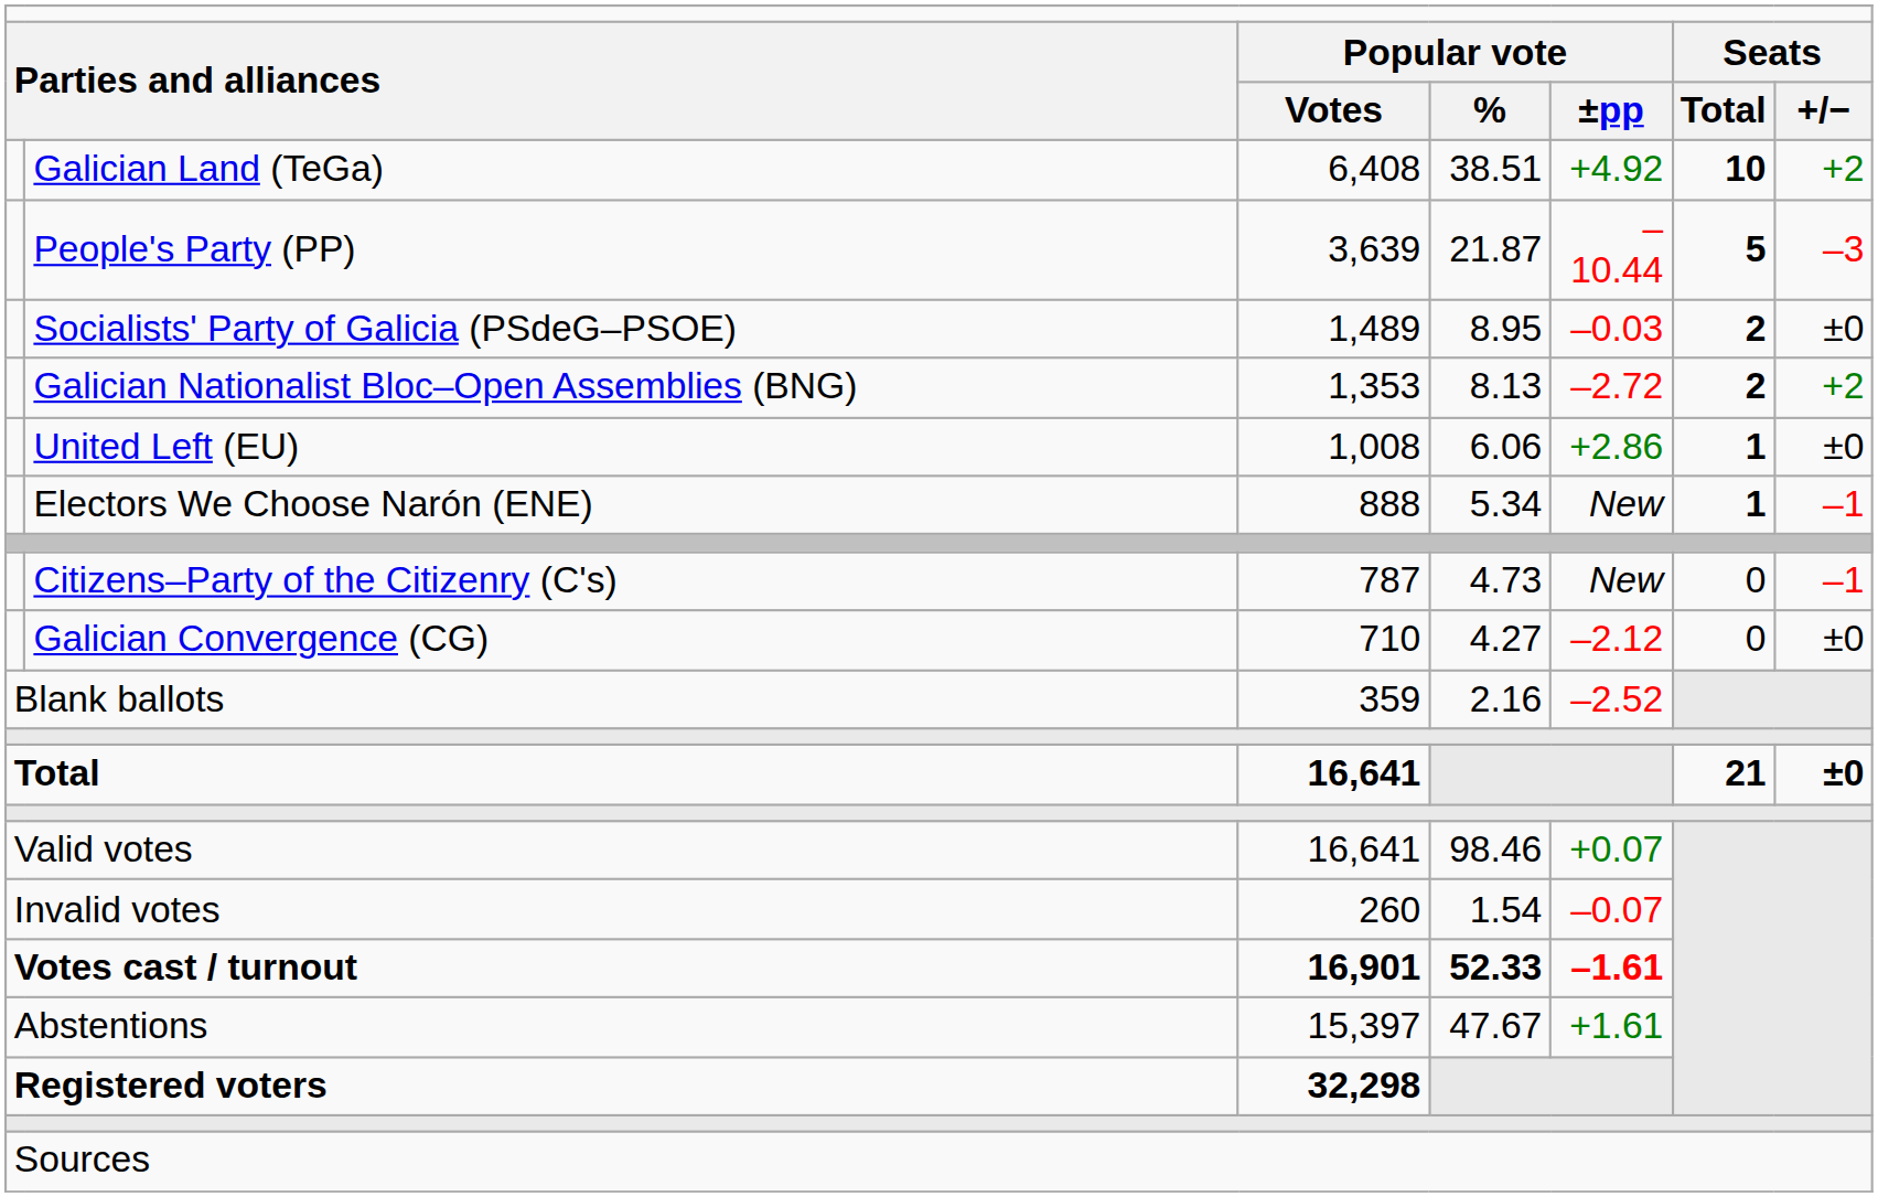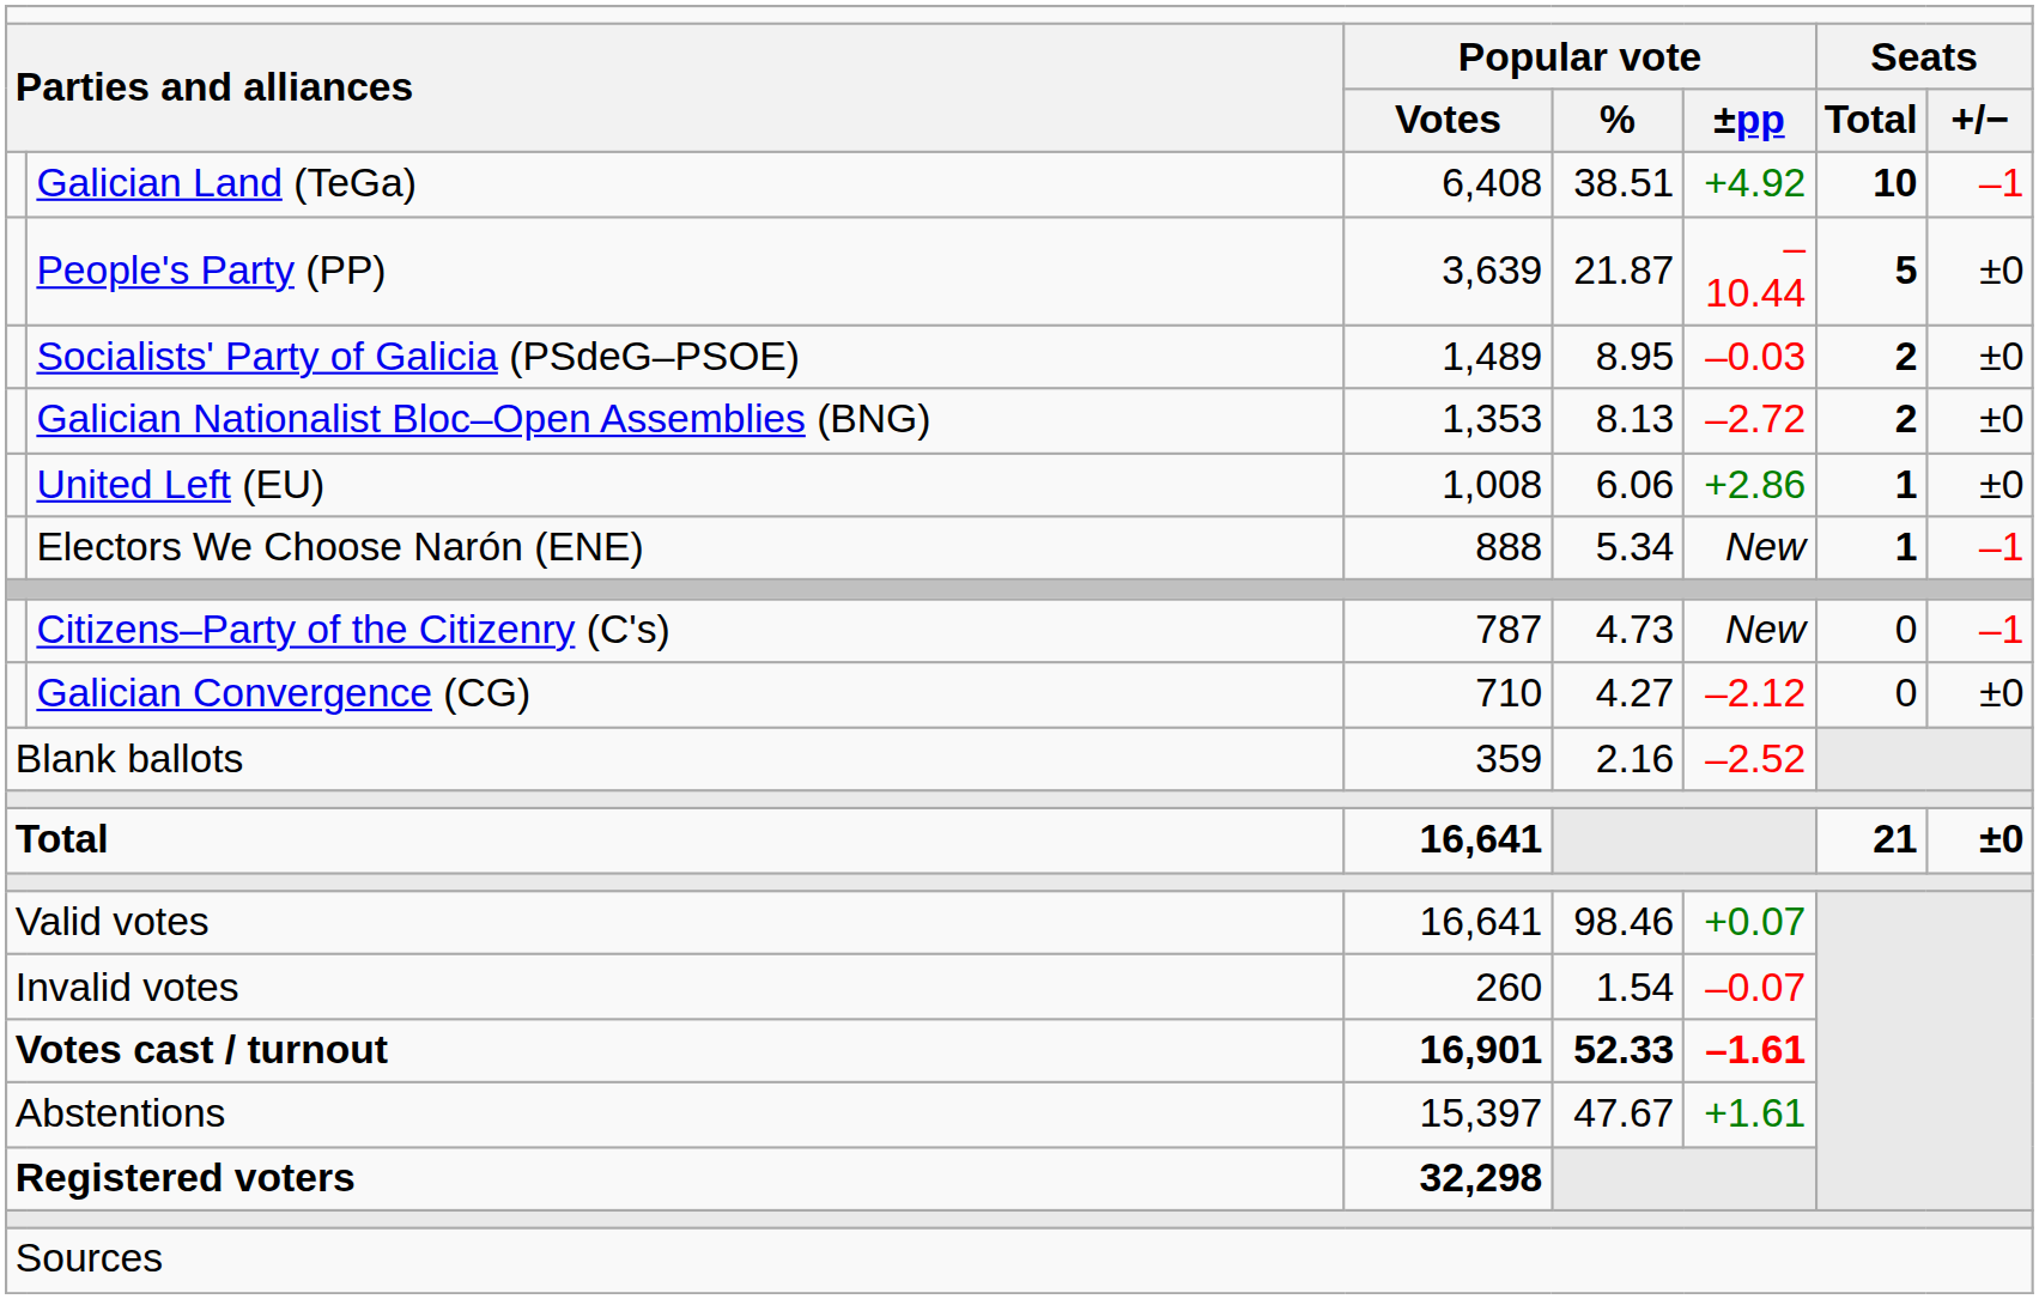 <table class="wikitable" style="text-align:right;">
 <tr>
 <td colspan="7"></td>
 </tr>
 <tr>
 <th style="text-align:left;" rowspan="2" colspan="2" width="525">Parties and alliances</th>
 <th colspan="3">Popular vote</th>
 <th colspan="2">Seats</th>
 </tr>
 <tr>
 <th width="75">Votes</th>
 <th width="45">%</th>
 <th width="45">±<a href='#'>pp</a></th>
 <th width="35">Total</th>
 <th width="35">+/−</th>
 </tr>
 <tr>
 <td width="1" style="color:inherit;background:"></td>
 <td align="left"><a href='#'>Galician Land</a> (TeGa)</td>
 <td>6,408</td>
 <td>38.51</td>
 <td style="color:green;">+4.92</td>
 <td><strong>10</strong></td>
-<td style="color:green;">+2</td>
+<td style="color:red;">–1</td>
 </tr>
 <tr>
 <td style="color:inherit;background:"></td>
 <td align="left"><a href='#'>People's Party</a> (PP)</td>
 <td>3,639</td>
 <td>21.87</td>
 <td style="color:red;">–10.44</td>
 <td><strong>5</strong></td>
-<td style="color:red;">–3</td>
+<td>±0</td>
 </tr>
 <tr>
 <td style="color:inherit;background:"></td>
 <td align="left"><a href='#'>Socialists' Party of Galicia</a> (PSdeG–PSOE)</td>
 <td>1,489</td>
 <td>8.95</td>
 <td style="color:red;">–0.03</td>
 <td><strong>2</strong></td>
 <td>±0</td>
 </tr>
 <tr>
 <td style="color:inherit;background:"></td>
 <td align="left"><a href='#'>Galician Nationalist Bloc–Open Assemblies</a> (BNG)</td>
 <td>1,353</td>
 <td>8.13</td>
 <td style="color:red;">–2.72</td>
 <td><strong>2</strong></td>
-<td style="color:green;">+2</td>
+<td>±0</td>
 </tr>
 <tr>
 <td style="color:inherit;background:"></td>
 <td align="left"><a href='#'>United Left</a> (EU)</td>
 <td>1,008</td>
 <td>6.06</td>
 <td style="color:green;">+2.86</td>
 <td><strong>1</strong></td>
 <td>±0</td>
 </tr>
 <tr>
 <td style="color:inherit;background:"></td>
 <td align="left">Electors We Choose Narón (ENE)</td>
 <td>888</td>
 <td>5.34</td>
 <td><em>New</em></td>
 <td><strong>1</strong></td>
 <td style="color:red;">–1</td>
 </tr>
 <tr>
 <td colspan="7" bgcolor="#C0C0C0"></td>
 </tr>
 <tr>
 <td style="color:inherit;background:"></td>
 <td align="left"><a href='#'>Citizens–Party of the Citizenry</a> (C's)</td>
 <td>787</td>
 <td>4.73</td>
 <td><em>New</em></td>
 <td>0</td>
 <td style="color:red;">–1</td>
 </tr>
 <tr>
 <td style="color:inherit;background:"></td>
 <td align="left"><a href='#'>Galician Convergence</a> (CG)</td>
 <td>710</td>
 <td>4.27</td>
 <td style="color:red;">–2.12</td>
 <td>0</td>
 <td>±0</td>
 </tr>
 <tr>
 <td align="left" colspan="2">Blank ballots</td>
 <td>359</td>
 <td>2.16</td>
 <td style="color:red;">–2.52</td>
 <td bgcolor="#E9E9E9" colspan="2"></td>
 </tr>
 <tr>
 <td colspan="7" bgcolor="#E9E9E9"></td>
 </tr>
 <tr style="font-weight:bold;">
 <td align="left" colspan="2">Total</td>
 <td>16,641</td>
 <td bgcolor="#E9E9E9" colspan="2"></td>
 <td>21</td>
 <td>±0</td>
 </tr>
 <tr>
 <td colspan="7" bgcolor="#E9E9E9"></td>
 </tr>
 <tr>
 <td align="left" colspan="2">Valid votes</td>
 <td>16,641</td>
 <td>98.46</td>
 <td style="color:green;">+0.07</td>
 <td bgcolor="#E9E9E9" colspan="2" rowspan="5"></td>
 </tr>
 <tr>
 <td align="left" colspan="2">Invalid votes</td>
 <td>260</td>
 <td>1.54</td>
 <td style="color:red;">–0.07</td>
 </tr>
 <tr style="font-weight:bold;">
 <td align="left" colspan="2">Votes cast / turnout</td>
 <td>16,901</td>
 <td>52.33</td>
 <td style="color:red;">–1.61</td>
 </tr>
 <tr>
 <td align="left" colspan="2">Abstentions</td>
 <td>15,397</td>
 <td>47.67</td>
 <td style="color:green;">+1.61</td>
 </tr>
 <tr style="font-weight:bold;">
 <td align="left" colspan="2">Registered voters</td>
 <td>32,298</td>
 <td bgcolor="#E9E9E9" colspan="2"></td>
 </tr>
 <tr>
 <td colspan="7" bgcolor="#E9E9E9"></td>
 </tr>
 <tr>
 <td align="left" colspan="7">Sources</td>
 </tr>
 </table>
